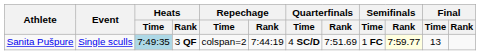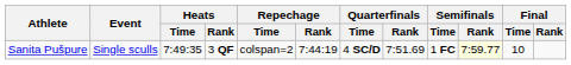 <table class="wikitable" style="font-size:90%;">
 <tr>
 <th rowspan="2">Athlete</th>
 <th rowspan="2">Event</th>
 <th colspan="2">Heats</th>
 <th colspan="2">Repechage</th>
 <th colspan=2>Quarterfinals</th>
 <th colspan="2">Semifinals</th>
 <th colspan="2">Final</th>
 </tr>
 <tr style="font-size:95%">
 <th>Time</th>
 <th>Rank</th>
 <th>Time</th>
 <th>Rank</th>
 <th>Time</th>
 <th>Rank</th>
 <th>Time</th>
 <th>Rank</th>
 <th>Time</th>
 <th>Rank</th>
 </tr>
 <tr align=center>
 <td align=left><a href='#'>Sanita Pušpure</a></td>
 <td align=left><a href='#'>Single sculls</a></td>
-<td style="background: lightblue;">7:49:35</td>
+<td>7:49:35</td>
 <td>3 <strong>QF</strong></td>
 <td>colspan=2 </td>
 <td>7:44:19</td>
 <td>4 <strong>SC/D</strong></td>
 <td>7:51.69</td>
 <td>1 <strong>FC</strong></td>
 <td style="background: lightyellow;">7:59.77</td>
-<td>13</td>
+<td>10</td>
 </tr>
 </table>
